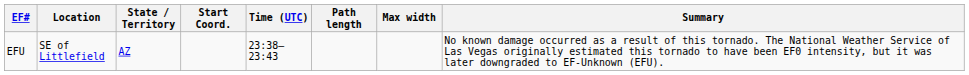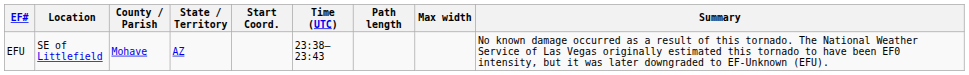 <table class="wikitable sortable" style="width:100%;">
 <tr>
 <th scope="col"  style="width:3%; text-align:center;"><a href='#'>EF#</a></th>
 <th scope="col"  style="width:7%; text-align:center;" class="unsortable">Location</th>
+<th scope="col"  style="width:6%; text-align:center;" class="unsortable">County / Parish</th>
 <th scope="col"  style="width:5%; text-align:center;">State / Territory</th>
 <th scope="col"  style="width:6%; text-align:center;">Start Coord.</th>
 <th scope="col"  style="width:6%; text-align:center;">Time (<a href='#'>UTC</a>)</th>
 <th scope="col"  style="width:6%; text-align:center;">Path length</th>
 <th scope="col"  style="width:6%; text-align:center;">Max width</th>
 <th scope="col" class="unsortable" style="width:48%; text-align:center;">Summary</th>
 </tr>
 <tr>
 <td>EFU</td>
 <td>SE of <a href='#'>Littlefield</a></td>
+<td><a href='#'>Mohave</a></td>
 <td><a href='#'>AZ</a></td>
 <td></td>
 <td>23:38–23:43</td>
 <td></td>
 <td></td>
 <td>No known damage occurred as a result of this tornado. The National Weather Service of Las Vegas originally estimated this tornado to have been EF0 intensity, but it was later downgraded to EF-Unknown (EFU).</td>
 </tr>
 </table>
